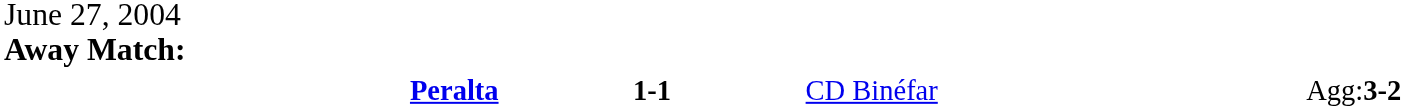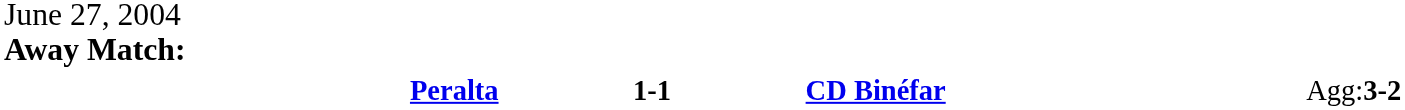 <table width=100% cellspacing=1>
 <tr>
 <th width=20%></th>
 <th width=12%></th>
 <th width=20%></th>
 <th></th>
 </tr>
 <tr>
 <td>June 27, 2004<br><strong>Away Match:</strong></td>
 </tr>
 <tr style=font-size:90%>
 <td align=right><strong><a href='#'>Peralta</a></strong></td>
 <td align=center><strong>1-1</strong></td>
-<td><a href='#'>CD Binéfar</a></td>
+<td><strong><a href='#'>CD Binéfar</a></strong></td>
 <td>Agg:<strong>3-2</strong></td>
 </tr>
 </table>
